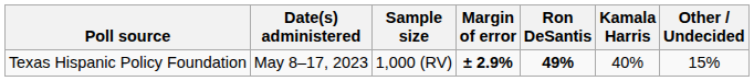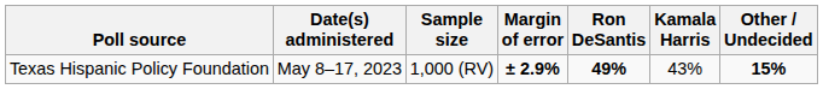 <table class="wikitable sortable mw-datatable" style="font-size:90%;text-align:center;line-height:17px">
 <tr style="vertical-align:bottom">
 <th>Poll source</th>
 <th>Date(s)<br>administered</th>
 <th>Sample<br>size</th>
 <th>Margin<br>of error</th>
 <th class="unsortable">Ron<br>DeSantis<br></th>
 <th class="unsortable">Kamala<br>Harris<br></th>
 <th class="unsortable">Other /<br>Undecided</th>
 </tr>
 <tr>
 <td style="text-align:left;">Texas Hispanic Policy Foundation</td>
 <td data-sort-value="2023-05-17">May 8–17, 2023</td>
 <td>1,000 (RV)</td>
 <td><strong>± 2.9%</strong></td>
 <td style="background-color:"><strong>49%</strong></td>
-<td>40%</td>
-<td>15%</td>
+<td>43%</td>
+<td><strong>15%</strong></td>
 </tr>
 </table>
